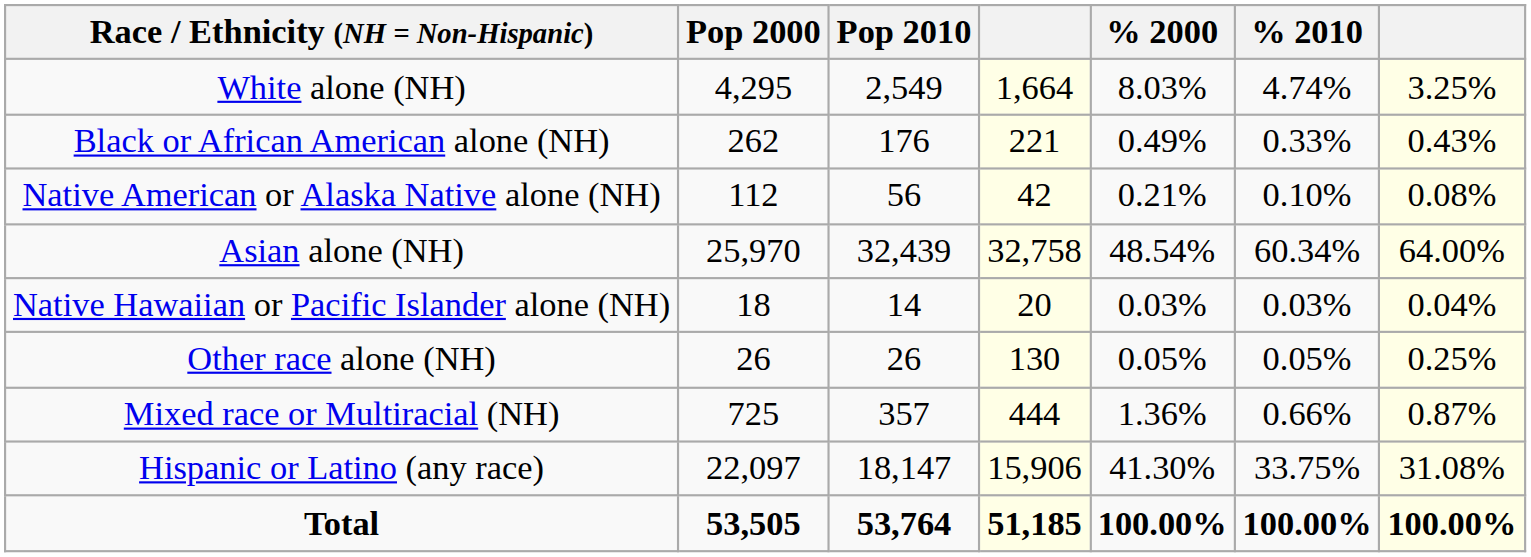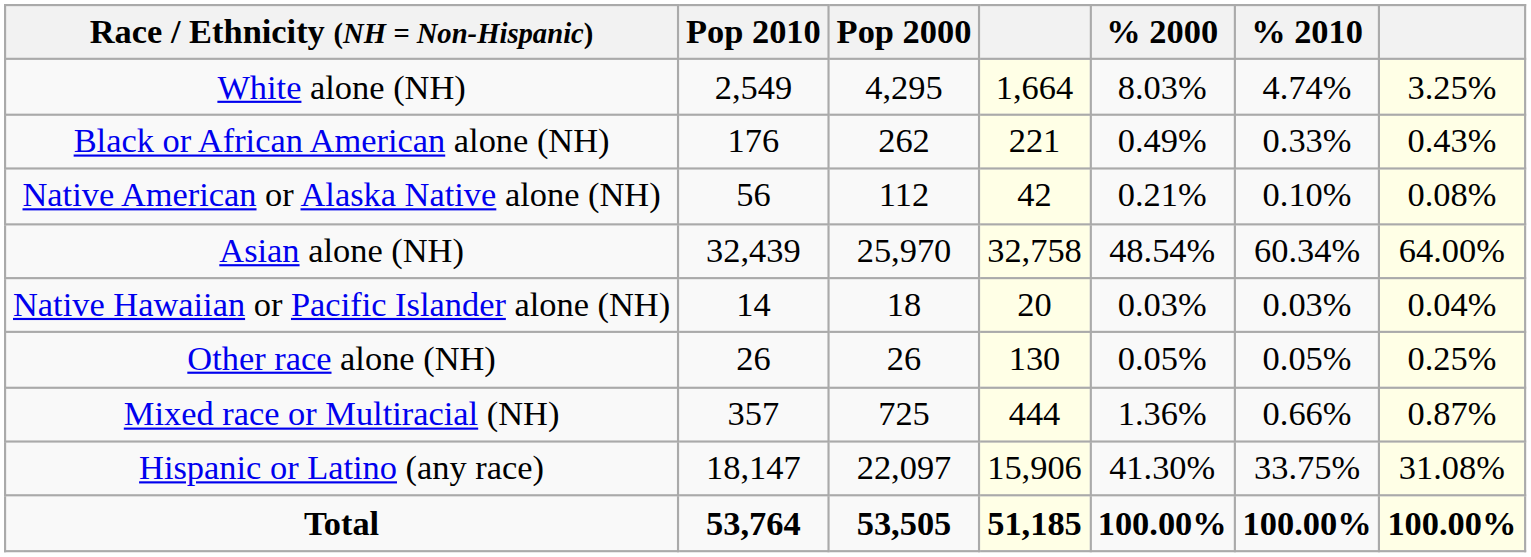 <table class="wikitable" style="text-align:center;">
 <tr>
 <th>Race / Ethnicity <small>(<em>NH = Non-Hispanic</em>)</small></th>
+<th>Pop 2010</th>
 <th>Pop 2000</th>
-<th>Pop 2010</th>
 <th></th>
 <th>% 2000</th>
 <th>% 2010</th>
 <th></th>
 </tr>
 <tr>
 <td><a href='#'>White</a> alone (NH)</td>
+<td>2,549</td>
 <td>4,295</td>
-<td>2,549</td>
 <td style='background: #ffffe6;'>1,664</td>
 <td>8.03%</td>
 <td>4.74%</td>
 <td style='background: #ffffe6;'>3.25%</td>
 </tr>
 <tr>
 <td><a href='#'>Black or African American</a> alone (NH)</td>
+<td>176</td>
 <td>262</td>
-<td>176</td>
 <td style='background: #ffffe6;'>221</td>
 <td>0.49%</td>
 <td>0.33%</td>
 <td style='background: #ffffe6;'>0.43%</td>
 </tr>
 <tr>
 <td><a href='#'>Native American</a> or <a href='#'>Alaska Native</a> alone (NH)</td>
+<td>56</td>
 <td>112</td>
-<td>56</td>
 <td style='background: #ffffe6;'>42</td>
 <td>0.21%</td>
 <td>0.10%</td>
 <td style='background: #ffffe6;'>0.08%</td>
 </tr>
 <tr>
 <td><a href='#'>Asian</a> alone (NH)</td>
+<td>32,439</td>
 <td>25,970</td>
-<td>32,439</td>
 <td style='background: #ffffe6;'>32,758</td>
 <td>48.54%</td>
 <td>60.34%</td>
 <td style='background: #ffffe6;'>64.00%</td>
 </tr>
 <tr>
 <td><a href='#'>Native Hawaiian</a> or <a href='#'>Pacific Islander</a> alone (NH)</td>
+<td>14</td>
 <td>18</td>
-<td>14</td>
 <td style='background: #ffffe6;'>20</td>
 <td>0.03%</td>
 <td>0.03%</td>
 <td style='background: #ffffe6;'>0.04%</td>
 </tr>
 <tr>
 <td><a href='#'>Other race</a> alone (NH)</td>
 <td>26</td>
 <td>26</td>
 <td style='background: #ffffe6;'>130</td>
 <td>0.05%</td>
 <td>0.05%</td>
 <td style='background: #ffffe6;'>0.25%</td>
 </tr>
 <tr>
 <td><a href='#'>Mixed race or Multiracial</a> (NH)</td>
+<td>357</td>
 <td>725</td>
-<td>357</td>
 <td style='background: #ffffe6;'>444</td>
 <td>1.36%</td>
 <td>0.66%</td>
 <td style='background: #ffffe6;'>0.87%</td>
 </tr>
 <tr>
 <td><a href='#'>Hispanic or Latino</a> (any race)</td>
+<td>18,147</td>
 <td>22,097</td>
-<td>18,147</td>
 <td style='background: #ffffe6;'>15,906</td>
 <td>41.30%</td>
 <td>33.75%</td>
 <td style='background: #ffffe6;'>31.08%</td>
 </tr>
 <tr>
 <td><strong>Total</strong></td>
+<td><strong>53,764</strong></td>
 <td><strong>53,505</strong></td>
-<td><strong>53,764</strong></td>
 <td style='background: #ffffe6;'><strong>51,185</strong></td>
 <td><strong>100.00%</strong></td>
 <td><strong>100.00%</strong></td>
 <td style='background: #ffffe6;'><strong>100.00%</strong></td>
 </tr>
 </table>
